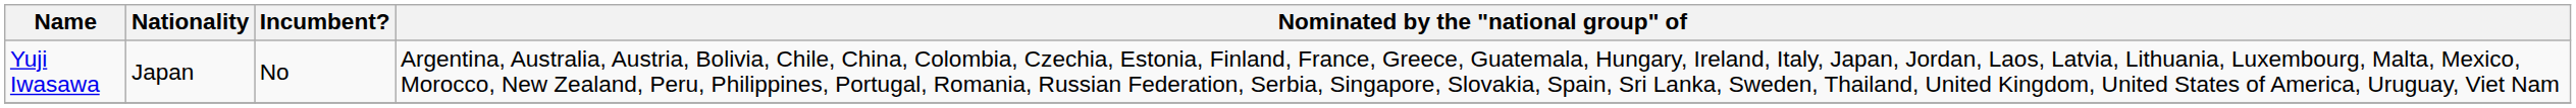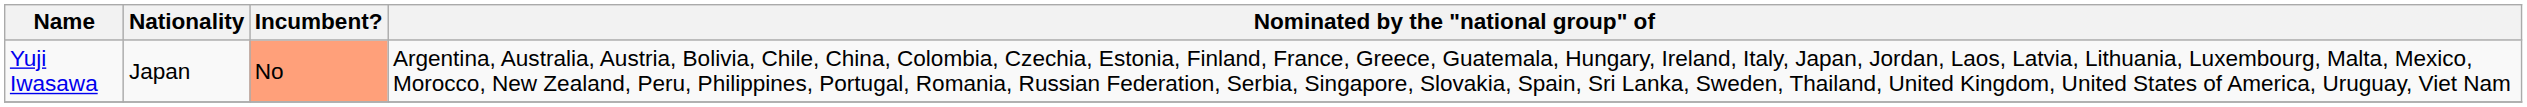 <table class="wikitable" style="width:90%;">
 <tr>
 <th>Name</th>
 <th>Nationality</th>
 <th>Incumbent?</th>
 <th>Nominated by the "national group" of</th>
 </tr>
 <tr>
 <td><a href='#'>Yuji Iwasawa</a></td>
 <td> Japan</td>
-<td>No</td>
+<td style="background: lightsalmon;">No</td>
 <td>Argentina, Australia, Austria, Bolivia, Chile, China, Colombia, Czechia, Estonia, Finland, France, Greece, Guatemala, Hungary, Ireland, Italy, Japan, Jordan, Laos, Latvia, Lithuania, Luxembourg, Malta, Mexico, Morocco, New Zealand, Peru, Philippines, Portugal, Romania, Russian Federation, Serbia, Singapore, Slovakia, Spain, Sri Lanka, Sweden, Thailand, United Kingdom, United States of America, Uruguay, Viet Nam</td>
 </tr>
 <tr>
 </tr>
 </table>
